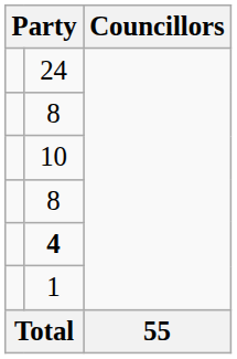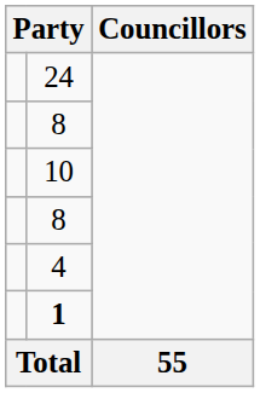 <table class="wikitable">
 <tr>
 <th colspan=2>Party</th>
 <th>Councillors</th>
 </tr>
 <tr>
 <td></td>
 <td align=center>24</td>
 </tr>
 <tr>
 <td></td>
 <td align=center>8</td>
 </tr>
 <tr>
 <td></td>
 <td align=center>10</td>
 </tr>
 <tr>
 <td></td>
 <td align=center>8</td>
 </tr>
 <tr>
 <td></td>
-<td align=center><strong>4</strong></td>
+<td align=center>4</td>
 </tr>
 <tr>
 <td></td>
-<td align=center>1</td>
+<td align=center><strong>1</strong></td>
 </tr>
 <tr>
 <th colspan=2>Total</th>
 <th align=center>55</th>
 </tr>
 </table>
